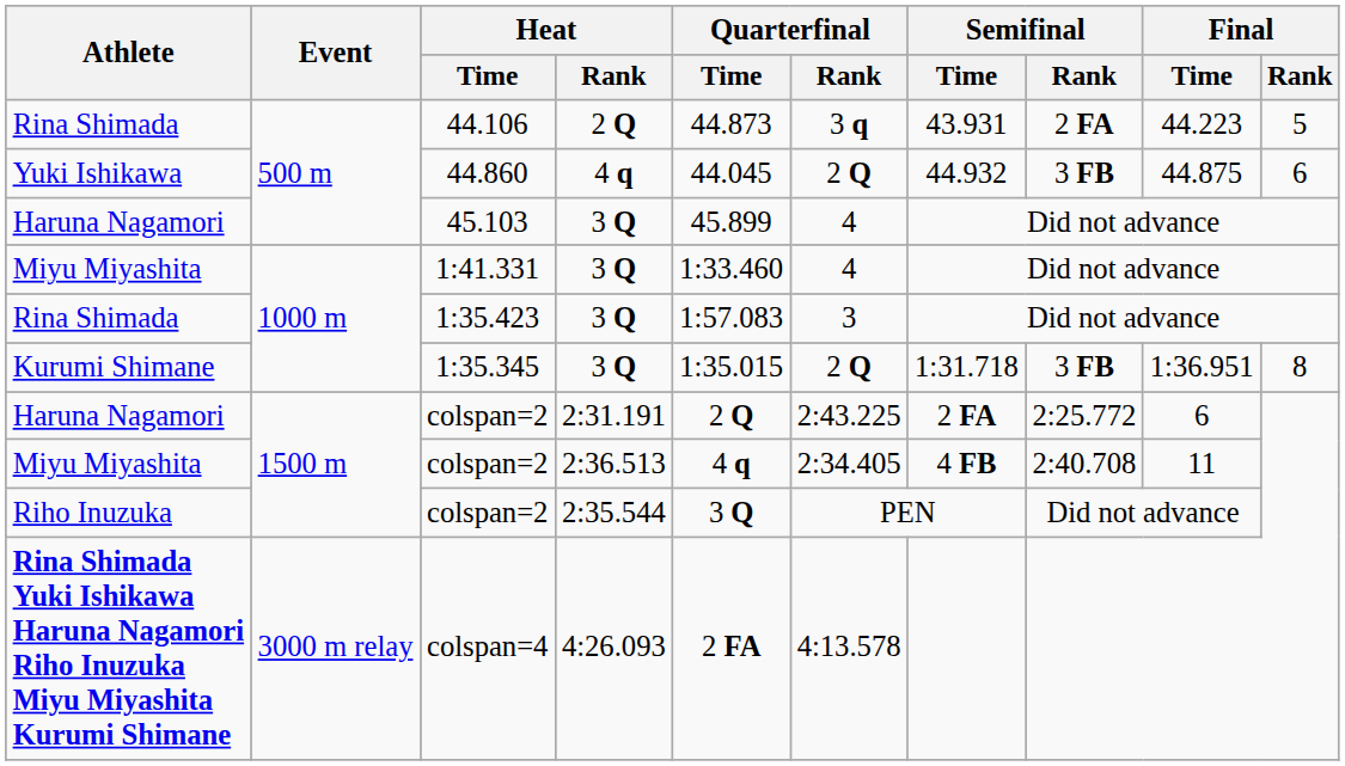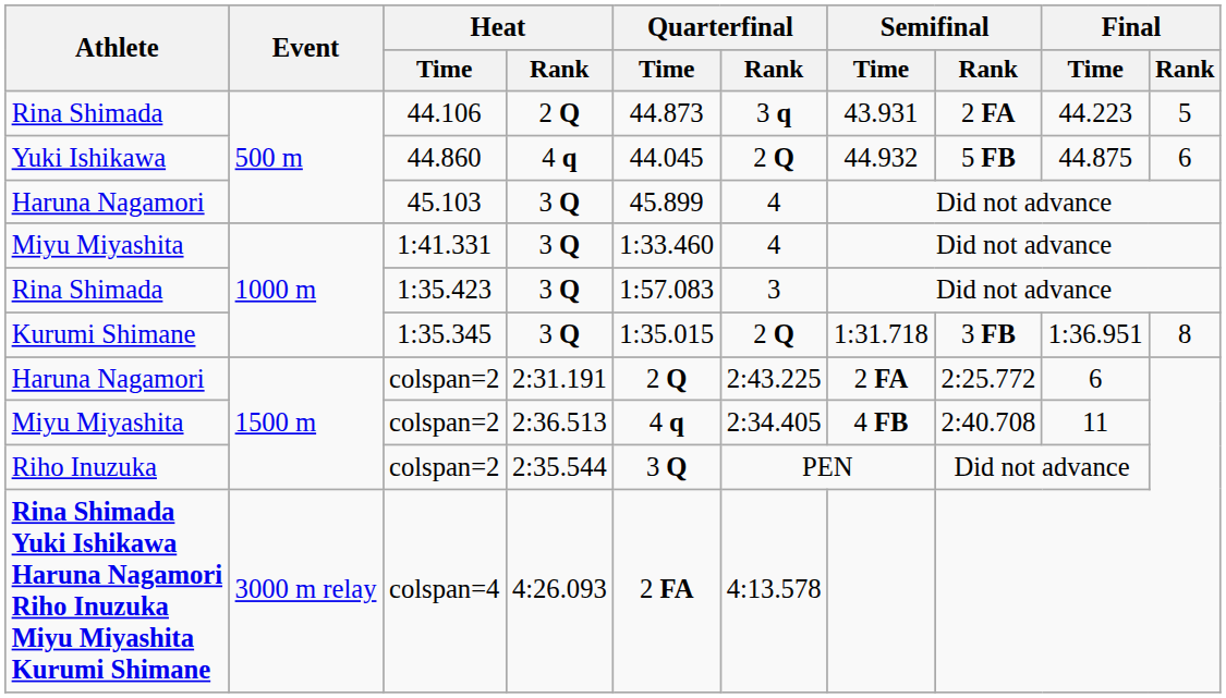 <table class="wikitable" style="font-size:90%">
 <tr>
 <th rowspan=2>Athlete</th>
 <th rowspan=2>Event</th>
 <th colspan=2>Heat</th>
 <th colspan=2>Quarterfinal</th>
 <th colspan=2>Semifinal</th>
 <th colspan=2>Final</th>
 </tr>
 <tr style="font-size:95%">
 <th>Time</th>
 <th>Rank</th>
 <th>Time</th>
 <th>Rank</th>
 <th>Time</th>
 <th>Rank</th>
 <th>Time</th>
 <th>Rank</th>
 </tr>
 <tr align=center>
 <td align=left><a href='#'>Rina Shimada</a></td>
 <td align=left rowspan=3><a href='#'>500 m</a></td>
 <td>44.106</td>
 <td>2 <strong>Q</strong></td>
 <td>44.873</td>
 <td>3 <strong>q</strong></td>
 <td>43.931</td>
 <td>2 <strong>FA</strong></td>
 <td>44.223</td>
 <td>5</td>
 </tr>
 <tr align=center>
 <td align=left><a href='#'>Yuki Ishikawa</a></td>
 <td>44.860</td>
 <td>4 <strong>q</strong></td>
 <td>44.045</td>
 <td>2 <strong>Q</strong></td>
 <td>44.932</td>
-<td>3 <strong>FB</strong></td>
+<td>5 <strong>FB</strong></td>
 <td>44.875</td>
 <td>6</td>
 </tr>
 <tr align=center>
 <td align=left><a href='#'>Haruna Nagamori</a></td>
 <td>45.103</td>
 <td>3 <strong>Q</strong></td>
 <td>45.899</td>
 <td>4</td>
 <td colspan=4>Did not advance</td>
 </tr>
 <tr align=center>
 <td align=left><a href='#'>Miyu Miyashita</a></td>
 <td align=left rowspan=3><a href='#'>1000 m</a></td>
 <td>1:41.331</td>
 <td>3 <strong>Q</strong></td>
 <td>1:33.460</td>
 <td>4</td>
 <td colspan=4>Did not advance</td>
 </tr>
 <tr align=center>
 <td align=left><a href='#'>Rina Shimada</a></td>
 <td>1:35.423</td>
 <td>3 <strong>Q</strong></td>
 <td>1:57.083</td>
 <td>3</td>
 <td colspan=4>Did not advance</td>
 </tr>
 <tr align=center>
 <td align=left><a href='#'>Kurumi Shimane</a></td>
 <td>1:35.345</td>
 <td>3 <strong>Q</strong></td>
 <td>1:35.015</td>
 <td>2 <strong>Q</strong></td>
 <td>1:31.718</td>
 <td>3 <strong>FB</strong></td>
 <td>1:36.951</td>
 <td>8</td>
 </tr>
 <tr align=center>
 <td align=left><a href='#'>Haruna Nagamori</a></td>
 <td align=left rowspan=3><a href='#'>1500 m</a></td>
 <td>colspan=2 </td>
 <td>2:31.191</td>
 <td>2 <strong>Q</strong></td>
 <td>2:43.225</td>
 <td>2 <strong>FA</strong></td>
 <td>2:25.772</td>
 <td>6</td>
 </tr>
 <tr align=center>
 <td align=left><a href='#'>Miyu Miyashita</a></td>
 <td>colspan=2 </td>
 <td>2:36.513</td>
 <td>4 <strong>q</strong></td>
 <td>2:34.405</td>
 <td>4 <strong>FB</strong></td>
 <td>2:40.708</td>
 <td>11</td>
 </tr>
 <tr align=center>
 <td align=left><a href='#'>Riho Inuzuka</a></td>
 <td>colspan=2 </td>
 <td>2:35.544</td>
 <td>3 <strong>Q</strong></td>
 <td colspan=2>PEN</td>
 <td colspan=2>Did not advance</td>
 </tr>
 <tr align=center>
 <td align=left><strong><a href='#'>Rina Shimada</a><br><a href='#'>Yuki Ishikawa</a><br><a href='#'>Haruna Nagamori</a><br><a href='#'>Riho Inuzuka</a><br><a href='#'>Miyu Miyashita</a><br><a href='#'>Kurumi Shimane</a></strong></td>
 <td align=left><a href='#'>3000 m relay</a></td>
 <td>colspan=4 </td>
 <td>4:26.093</td>
 <td>2 <strong>FA</strong></td>
 <td>4:13.578</td>
 <td></td>
 </tr>
 </table>
